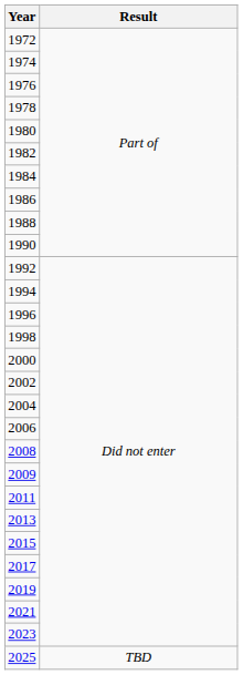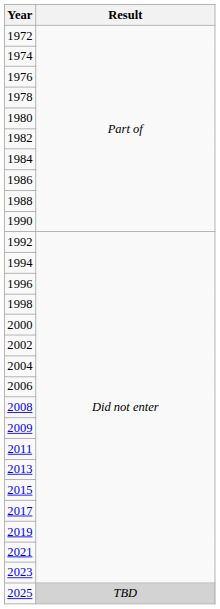 <table class="wikitable" style="text-align: center; font-size:90%">
 <tr>
 <th>Year</th>
 <th style="width:200px">Result</th>
 </tr>
 <tr>
 <td> 1972</td>
 <td rowspan="10"><em>Part of </em></td>
 </tr>
 <tr>
 <td> 1974</td>
 </tr>
 <tr>
 <td> 1976</td>
 </tr>
 <tr>
 <td> 1978</td>
 </tr>
 <tr>
 <td> 1980</td>
 </tr>
 <tr>
 <td> 1982</td>
 </tr>
 <tr>
 <td> 1984</td>
 </tr>
 <tr>
 <td> 1986</td>
 </tr>
 <tr>
 <td> 1988</td>
 </tr>
 <tr>
 <td> 1990</td>
 </tr>
 <tr>
 <td> 1992</td>
 <td rowspan="17"><em>Did not enter</em></td>
 </tr>
 <tr>
 <td> 1994</td>
 </tr>
 <tr>
 <td> 1996</td>
 </tr>
 <tr>
 <td> 1998</td>
 </tr>
 <tr>
 <td> 2000</td>
 </tr>
 <tr>
 <td> 2002</td>
 </tr>
 <tr>
 <td> 2004</td>
 </tr>
 <tr>
 <td> 2006</td>
 </tr>
 <tr>
 <td> <a href='#'>2008</a></td>
 </tr>
 <tr>
 <td> <a href='#'>2009</a></td>
 </tr>
 <tr>
 <td> <a href='#'>2011</a></td>
 </tr>
 <tr>
 <td> <a href='#'>2013</a></td>
 </tr>
 <tr>
 <td> <a href='#'>2015</a></td>
 </tr>
 <tr>
 <td> <a href='#'>2017</a></td>
 </tr>
 <tr>
 <td> <a href='#'>2019</a></td>
 </tr>
 <tr>
 <td> <a href='#'>2021</a></td>
 </tr>
 <tr>
 <td> <a href='#'>2023</a></td>
 </tr>
 <tr>
 <td> <a href='#'>2025</a></td>
-<td><em>TBD</em></td>
+<td style="background: lightgrey;"><em>TBD</em></td>
 </tr>
 </table>
